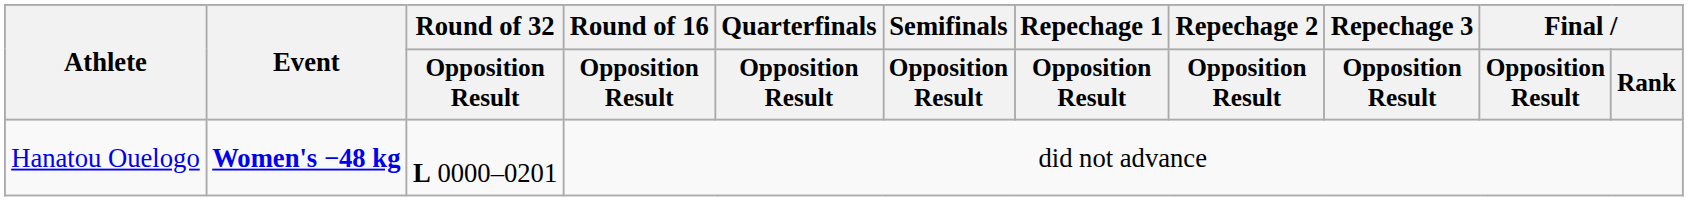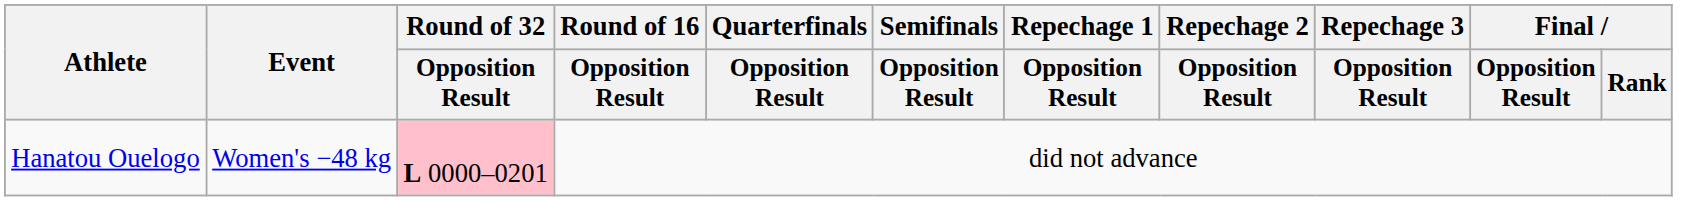 <table class="wikitable" style="font-size:90%">
 <tr>
 <th rowspan="2">Athlete</th>
 <th rowspan="2">Event</th>
 <th>Round of 32</th>
 <th>Round of 16</th>
 <th>Quarterfinals</th>
 <th>Semifinals</th>
 <th>Repechage 1</th>
 <th>Repechage 2</th>
 <th>Repechage 3</th>
 <th colspan=2>Final / </th>
 </tr>
 <tr style="font-size:95%">
 <th>Opposition<br>Result</th>
 <th>Opposition<br>Result</th>
 <th>Opposition<br>Result</th>
 <th>Opposition<br>Result</th>
 <th>Opposition<br>Result</th>
 <th>Opposition<br>Result</th>
 <th>Opposition<br>Result</th>
 <th>Opposition<br>Result</th>
 <th>Rank</th>
 </tr>
 <tr align=center>
 <td align=left><a href='#'>Hanatou Ouelogo</a></td>
-<td align=left><strong><a href='#'>Women's −48 kg</a></strong></td>
-<td><br><strong>L</strong> 0000–0201</td>
+<td align=left><a href='#'>Women's −48 kg</a></td>
+<td style="background: pink;"><br><strong>L</strong> 0000–0201</td>
 <td colspan=8>did not advance</td>
 </tr>
 </table>
